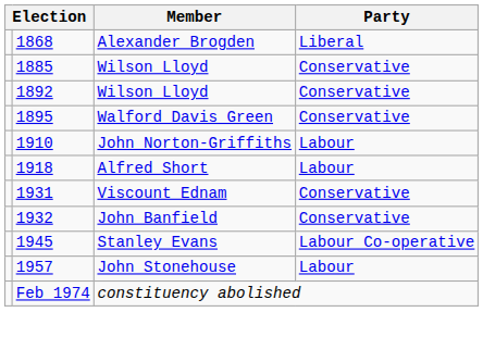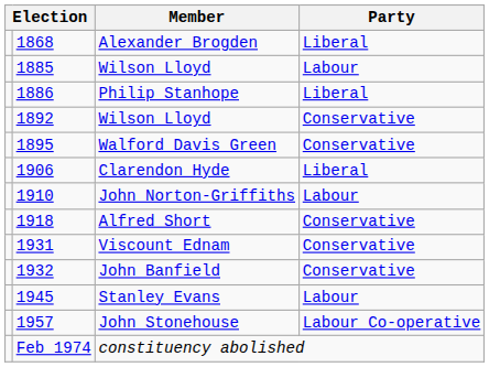 <table class="wikitable">
 <tr>
 <th colspan="2">Election</th>
 <th>Member</th>
 <th>Party</th>
 </tr>
 <tr>
 <td style="color:inherit;background-color: "></td>
 <td><a href='#'>1868</a></td>
 <td><a href='#'>Alexander Brogden</a></td>
 <td><a href='#'>Liberal</a></td>
 </tr>
 <tr>
 <td style="color:inherit;background-color: "></td>
 <td><a href='#'>1885</a></td>
 <td><a href='#'>Wilson Lloyd</a></td>
-<td><a href='#'>Conservative</a></td>
+<td><a href='#'>Labour</a></td>
+</tr>
+<tr>
+<td style="color:inherit;background-color: "></td>
+<td><a href='#'>1886</a></td>
+<td><a href='#'>Philip Stanhope</a></td>
+<td><a href='#'>Liberal</a></td>
 </tr>
 <tr>
 <td style="color:inherit;background-color: "></td>
 <td><a href='#'>1892</a></td>
 <td><a href='#'>Wilson Lloyd</a></td>
 <td><a href='#'>Conservative</a></td>
 </tr>
 <tr>
 <td style="color:inherit;background-color: "></td>
 <td><a href='#'>1895</a></td>
 <td><a href='#'>Walford Davis Green</a></td>
 <td><a href='#'>Conservative</a></td>
 </tr>
 <tr>
 <td style="color:inherit;background-color: "></td>
+<td><a href='#'>1906</a></td>
+<td><a href='#'>Clarendon Hyde</a></td>
+<td><a href='#'>Liberal</a></td>
+</tr>
+<tr>
+<td style="color:inherit;background-color: "></td>
 <td><a href='#'>1910</a></td>
 <td><a href='#'>John Norton-Griffiths</a></td>
 <td><a href='#'>Labour</a></td>
 </tr>
 <tr>
 <td style="color:inherit;background-color: "></td>
 <td><a href='#'>1918</a></td>
 <td><a href='#'>Alfred Short</a></td>
-<td><a href='#'>Labour</a></td>
+<td><a href='#'>Conservative</a></td>
 </tr>
 <tr>
 <td style="color:inherit;background-color: "></td>
 <td><a href='#'>1931</a></td>
 <td><a href='#'>Viscount Ednam</a></td>
 <td><a href='#'>Conservative</a></td>
 </tr>
 <tr>
 <td style="color:inherit;background-color: "></td>
 <td><a href='#'>1932</a></td>
 <td><a href='#'>John Banfield</a></td>
 <td><a href='#'>Conservative</a></td>
 </tr>
 <tr>
 <td style="color:inherit;background-color: "></td>
 <td><a href='#'>1945</a></td>
 <td><a href='#'>Stanley Evans</a></td>
-<td><a href='#'>Labour Co-operative</a></td>
+<td><a href='#'>Labour</a></td>
 </tr>
 <tr>
 <td style="color:inherit;background-color: "></td>
 <td><a href='#'>1957</a></td>
 <td><a href='#'>John Stonehouse</a></td>
-<td><a href='#'>Labour</a></td>
+<td><a href='#'>Labour Co-operative</a></td>
 </tr>
 <tr>
 <td></td>
 <td><a href='#'>Feb 1974</a></td>
 <td colspan="2"><em>constituency abolished</em></td>
 </tr>
 </table>
